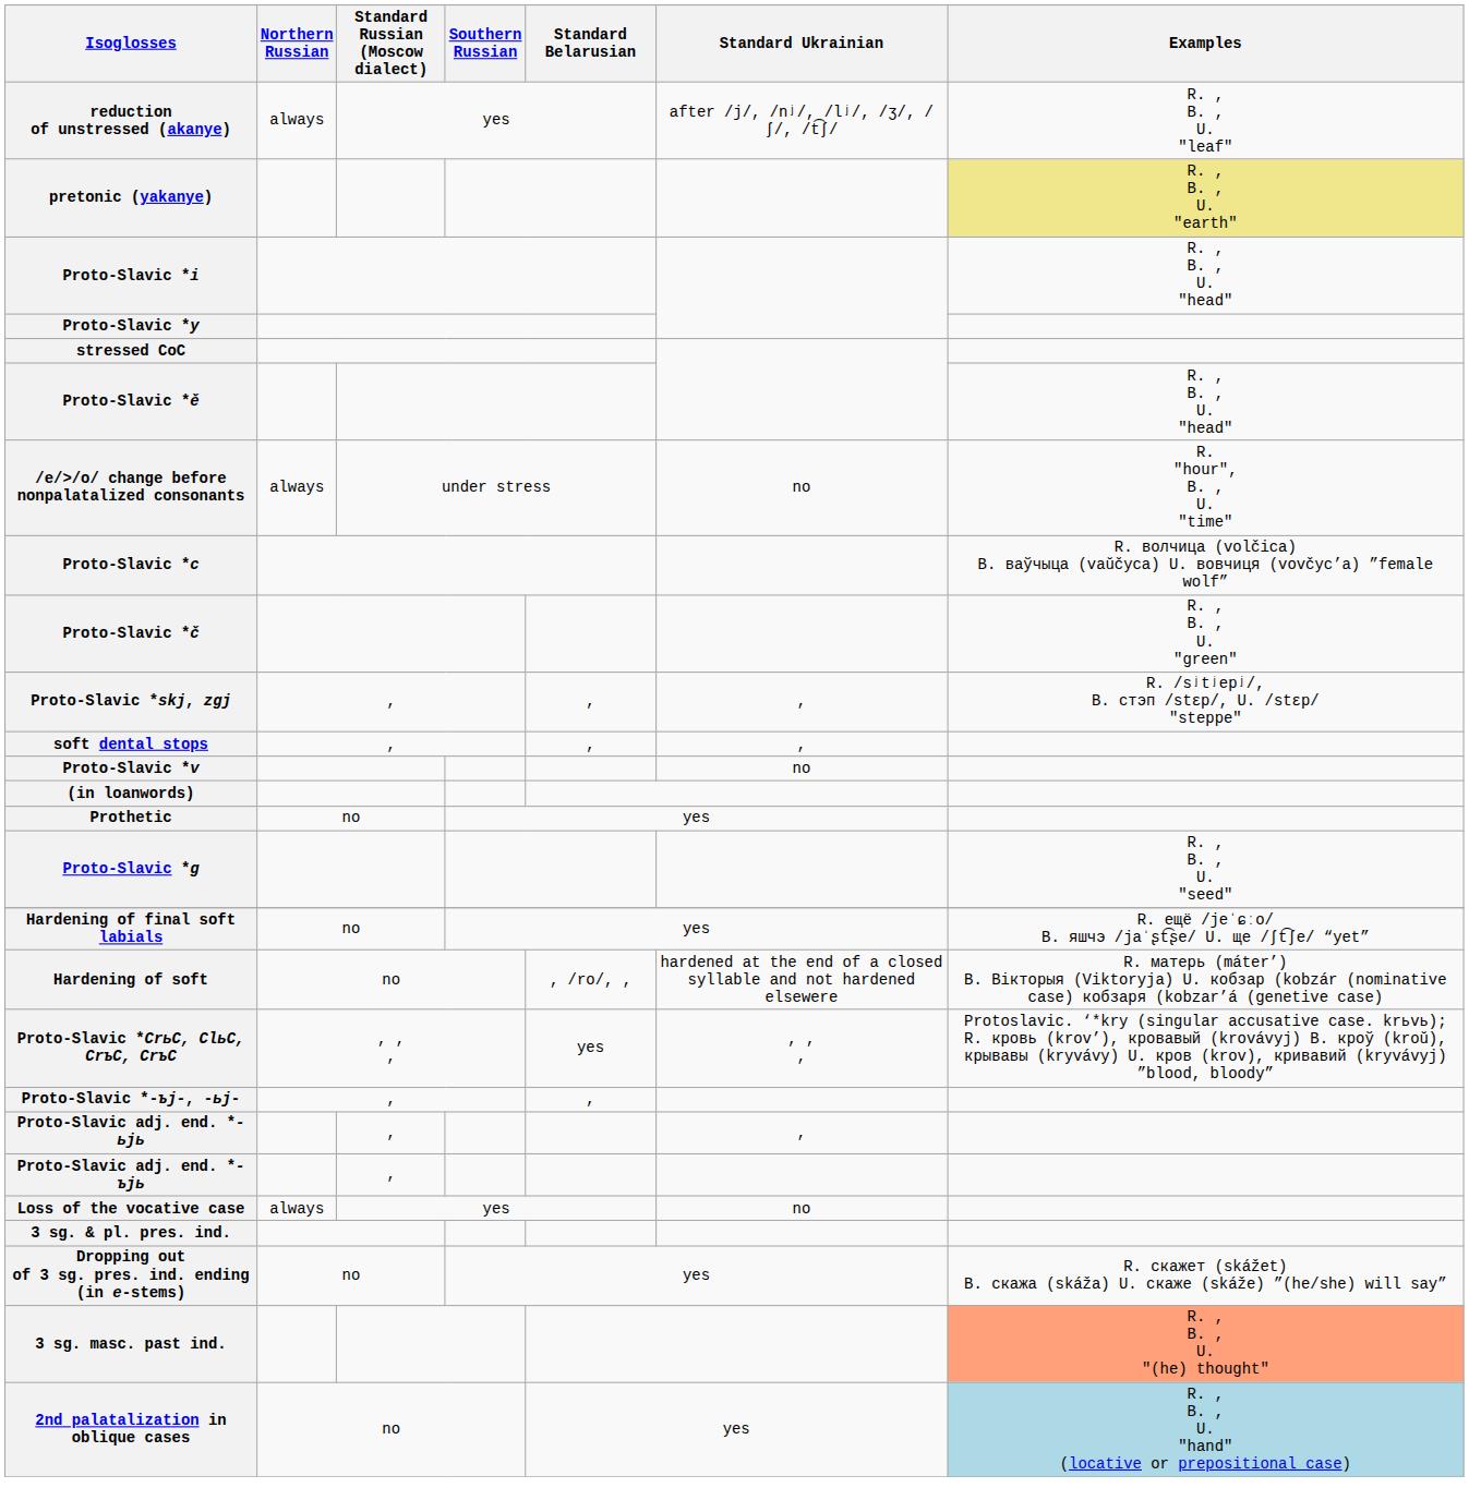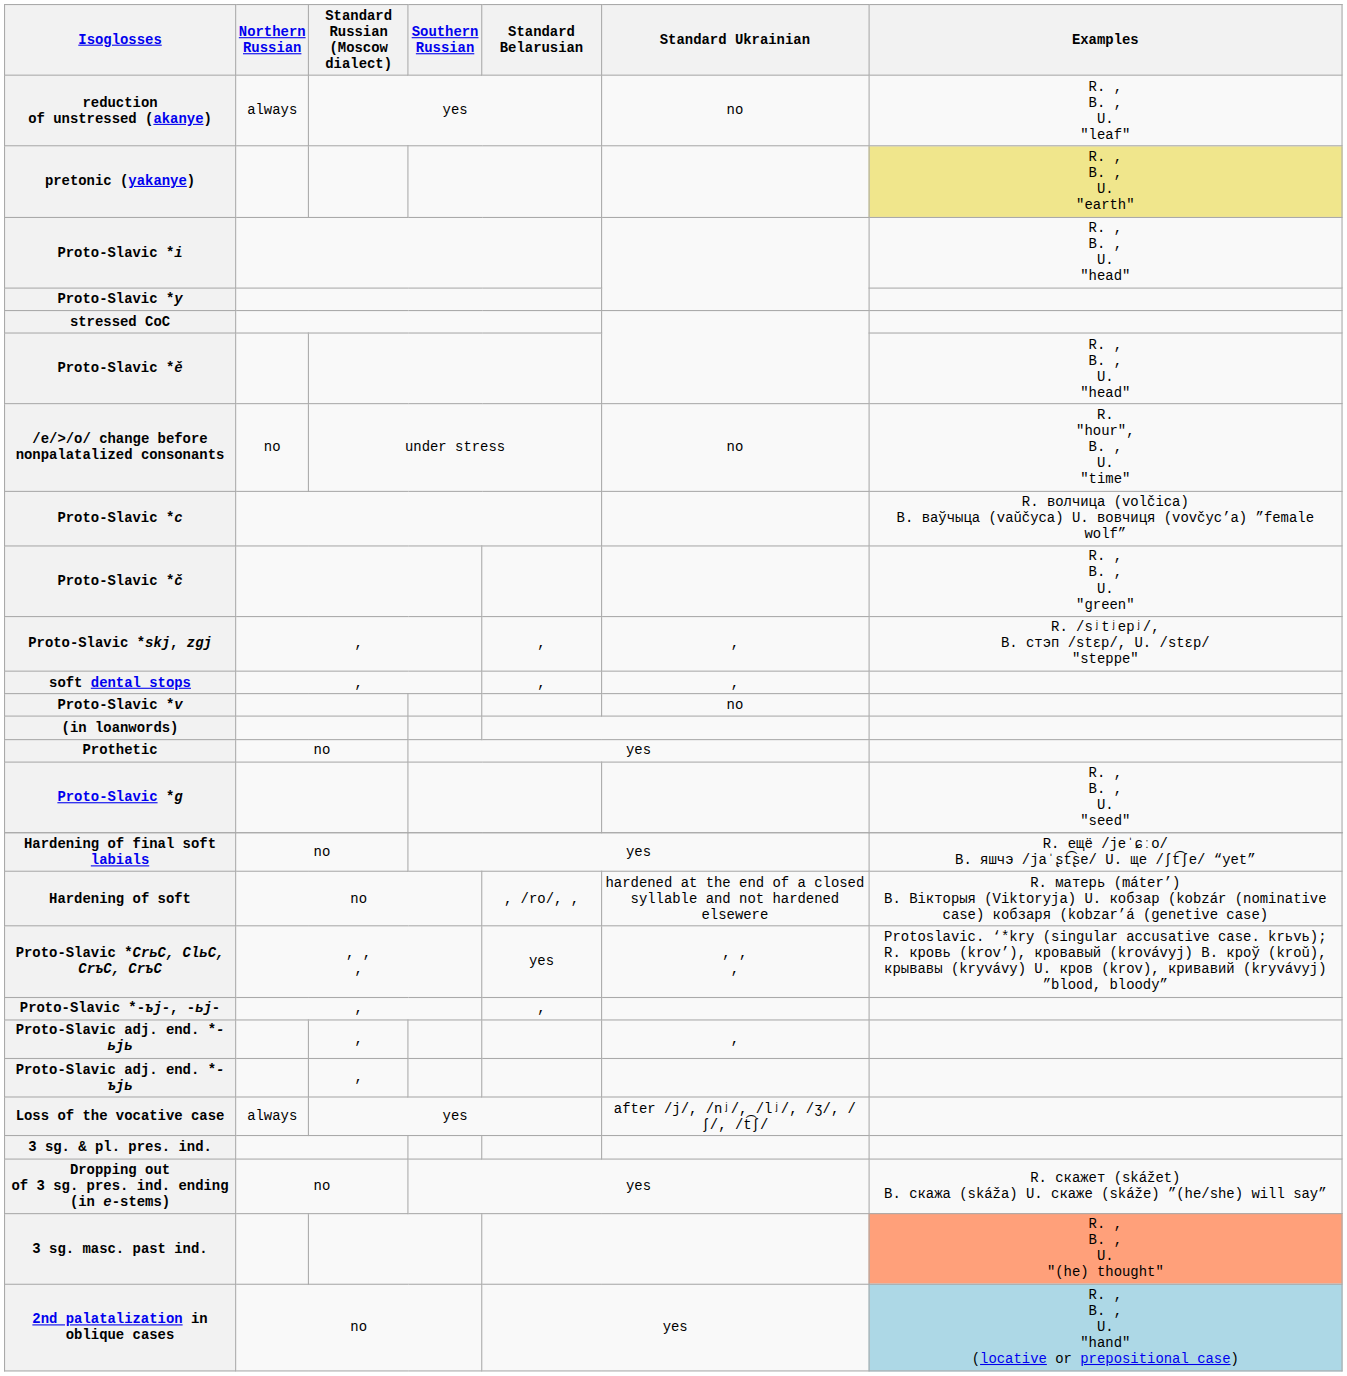 <table class="wikitable" style="text-align: center;">
 <tr>
 <th><a href='#'>Isoglosses</a></th>
 <th><a href='#'>Northern<br>Russian</a></th>
 <th>Standard Russian<br> (Moscow dialect)</th>
 <th><a href='#'>Southern<br> Russian</a></th>
 <th>Standard Belarusian</th>
 <th>Standard Ukrainian</th>
 <th>Examples</th>
 </tr>
 <tr>
 <th scope="row">reduction<br>of unstressed  (<a href='#'>akanye</a>)</th>
 <td>always</td>
 <td colspan="3">yes</td>
-<td>after /j/, /nʲ/, /lʲ/, /ʒ/, /ʃ/, /t͡ʃ/</td>
+<td>no</td>
 <td>R.  ,<br>B.  ,<br>U.  <br>"leaf"</td>
 </tr>
 <tr>
 <th scope="row">pretonic  (<a href='#'>yakanye</a>)</th>
 <td></td>
 <td></td>
 <td colspan="2"></td>
 <td></td>
 <td style="background: khaki;">R.  ,<br>B.  ,<br>U.  <br>"earth"</td>
 </tr>
 <tr>
 <th scope="row">Proto-Slavic *<em>i</em></th>
 <td colspan="4"></td>
 <td rowspan="2"></td>
 <td>R.  ,<br>B.  ,<br>U.  <br>"head"</td>
 </tr>
 <tr>
 <th scope="row">Proto-Slavic *<em>y</em></th>
 <td colspan="4"></td>
 <td></td>
 </tr>
 <tr>
 <th scope="row">stressed CoC</th>
 <td colspan="4"></td>
 <td rowspan="2"></td>
 <td></td>
 </tr>
 <tr>
 <th scope="row">Proto-Slavic *<em>ě</em></th>
 <td></td>
 <td colspan="3"></td>
 <td>R.  ,<br>B.  ,<br>U.  <br>"head"</td>
 </tr>
 <tr>
 <th scope="row">/e/>/o/ change before nonpalatalized consonants</th>
-<td>always</td>
+<td>no</td>
 <td colspan="3">under stress</td>
 <td>no</td>
 <td>R.  <br> "hour",<br>B.  ,<br>U.  <br>"time"</td>
 </tr>
 <tr>
 <th scope="row">Proto-Slavic *<em>c</em></th>
 <td colspan="4"></td>
 <td></td>
 <td>R. волчица (volčica)<br>B. ваўчыца (vaŭčyca) U. вовчиця (vovčyc’a) ”female wolf”</td>
 </tr>
 <tr>
 <th scope="row">Proto-Slavic *<em>č</em></th>
 <td colspan="3"></td>
 <td></td>
 <td></td>
 <td>R.  , <br>B.  , <br> U.  <br>"green"</td>
 </tr>
 <tr>
 <th scope="row">Proto-Slavic *<em>skj</em>, <em>zgj</em></th>
 <td colspan="3">,  </td>
 <td>, </td>
 <td>, </td>
 <td>R.  /sʲtʲepʲ/,<br>B. стэп /stɛp/, U.  /stɛp/<br>"steppe"</td>
 </tr>
 <tr>
 <th scope="row">soft <a href='#'>dental stops</a></th>
 <td colspan="3">, </td>
 <td>, </td>
 <td>, </td>
 <td></td>
 </tr>
 <tr>
 <th scope="row">Proto-Slavic *<em>v</em></th>
 <td colspan="2"></td>
 <td></td>
 <td><br></td>
 <td>no</td>
 <td></td>
 </tr>
 <tr>
 <th scope="row"> (in loanwords)</th>
 <td colspan="2"></td>
 <td></td>
 <td colspan="2"></td>
 <td></td>
 </tr>
 <tr>
 <th scope="row">Prothetic </th>
 <td colspan="2">no</td>
 <td colspan="3">yes</td>
 <td></td>
 </tr>
 <tr>
 <th scope="row"><a href='#'>Proto-Slavic</a> *<em>g</em></th>
 <td colspan="2"></td>
 <td colspan="2"></td>
 <td></td>
 <td>R.  ,<br>B.  ,<br>U.  <br>"seed"</td>
 </tr>
 <tr>
 </tr>
 <tr>
 <th scope="row">Hardening of final soft <a href='#'>labials</a></th>
 <td colspan="2">no</td>
 <td colspan="3">yes</td>
 <td>R. ещё /jeˈɕːo/<br>B. яшчэ /jaˈʂt͡ʂe/ U. ще /ʃt͡ʃe/ “yet”</td>
 </tr>
 <tr>
 <th scope="row">Hardening of soft </th>
 <td colspan="3">no</td>
 <td>, /ro/, , </td>
 <td>hardened at the end of a closed syllable and not hardened elsewere</td>
 <td>R. матерь (máter’)<br>B. Вікторыя (Viktoryja) U. кобзар (kobzár (nominative case) кобзаря (kobzar’á (genetive case)</td>
 </tr>
 <tr>
 <th scope="row">Proto-Slavic *<em>CrьC, ClьC,<br>CrъC, CrъC</em></th>
 <td colspan="3">, ,<br>, </td>
 <td>yes</td>
 <td>, ,<br>, </td>
 <td>Protoslavic. ‘*kry (singular accusative case. krьvь);<br>R. кровь (krov’), кровавый (krovávyj) B. кроў (kroŭ), крывавы (kryvávy) U. кров (krov), кривавий (kryvávyj) ”blood, bloody”</td>
 </tr>
 <tr>
 <th scope="row">Proto-Slavic *-<em>ъj-</em>, -<em>ьj</em>-</th>
 <td colspan="3">, </td>
 <td>, </td>
 <td></td>
 <td></td>
 </tr>
 <tr>
 <th scope="row">Proto-Slavic adj. end. *<em>-ьjь</em></th>
 <td></td>
 <td>, </td>
 <td></td>
 <td></td>
 <td>, </td>
 <td></td>
 </tr>
 <tr>
 <th scope="row">Proto-Slavic adj. end. *<em>-ъjь</em></th>
 <td></td>
 <td>, </td>
 <td></td>
 <td></td>
 <td></td>
 <td></td>
 </tr>
 <tr>
 <th scope="row">Loss of the vocative case</th>
 <td>always</td>
 <td colspan="3">yes</td>
-<td>no</td>
+<td>after /j/, /nʲ/, /lʲ/, /ʒ/, /ʃ/, /t͡ʃ/</td>
 <td></td>
 </tr>
 <tr>
 <th scope="row">3 sg. & pl. pres. ind.</th>
 <td colspan="2"></td>
 <td></td>
 <td></td>
 <td></td>
 <td></td>
 </tr>
 <tr>
 <th scope="row">Dropping out<br>of 3 sg. pres. ind. ending (in <em>e</em>-stems)</th>
 <td colspan="2">no</td>
 <td colspan="3">yes</td>
 <td>R. скажет (skážet)<br>B. скажа (skáža) U. скаже (skáže) ”(he/she) will say”</td>
 </tr>
 <tr>
 <th scope="row">3 sg. masc. past ind.</th>
 <td></td>
 <td colspan="2"></td>
 <td colspan="2"></td>
 <td style="background: lightsalmon;">R.  ,<br>B.  ,<br>U.  <br>"(he) thought"</td>
 </tr>
 <tr>
 <th scope="row"><a href='#'>2nd palatalization</a> in oblique cases</th>
 <td colspan="3">no</td>
 <td colspan="2">yes</td>
 <td style="background: lightblue;">R.  ,<br>B.  ,<br>U.  <br>"hand"<br>(<a href='#'>locative</a> or <a href='#'>prepositional case</a>)</td>
 </tr>
 </table>
